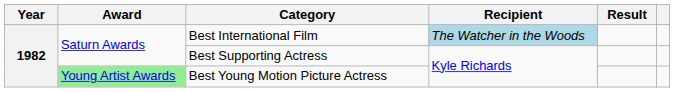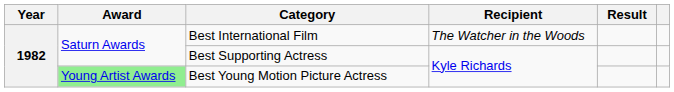 <table class="wikitable unsortable plainrowheaders" style="width:65%;">
 <tr>
 <th scope="col" style="width:5em;">Year</th>
 <th scope="col" style="width:15em;">Award</th>
 <th scope="col" style="width:30em;">Category</th>
 <th scope="col" style="width:20em;">Recipient</th>
 <th scope="col" style="width:5em;">Result</th>
 <th class="unsortable" style="width:1em;"></th>
 </tr>
 <tr>
 <th scope="row" rowspan="3">1982</th>
 <td rowspan="2"><a href='#'>Saturn Awards</a></td>
 <td>Best International Film</td>
-<td style="background: lightblue;"><em>The Watcher in the Woods</em></td>
+<td><em>The Watcher in the Woods</em></td>
 <td></td>
 <td style="text-align:center;"></td>
 </tr>
 <tr>
 <td>Best Supporting Actress</td>
 <td rowspan="2"><a href='#'>Kyle Richards</a></td>
 <td></td>
 <td style="text-align:center;"></td>
 </tr>
 <tr>
 <td style="background: lightgreen;"><a href='#'>Young Artist Awards</a></td>
 <td>Best Young Motion Picture Actress</td>
 <td></td>
 <td align="center"></td>
 </tr>
 </table>
